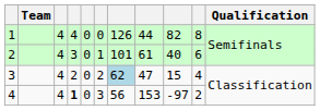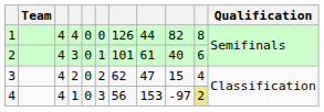 <table class="wikitable">
 <tr>
 <th></th>
 <th>Team</th>
 <th></th>
 <th></th>
 <th></th>
 <th></th>
 <th></th>
 <th></th>
 <th></th>
 <th></th>
 <th>Qualification</th>
 </tr>
 <tr bgcolor=ccffcc>
 <td>1</td>
 <td></td>
 <td>4</td>
 <td>4</td>
 <td>0</td>
 <td>0</td>
 <td>126</td>
 <td>44</td>
 <td>82</td>
 <td>8</td>
 <td rowspan=2>Semifinals</td>
 </tr>
 <tr bgcolor=ccffcc>
 <td>2</td>
 <td></td>
 <td>4</td>
 <td>3</td>
 <td>0</td>
 <td>1</td>
 <td>101</td>
 <td>61</td>
 <td>40</td>
 <td>6</td>
 </tr>
 <tr>
 <td>3</td>
 <td></td>
 <td>4</td>
 <td>2</td>
 <td>0</td>
 <td>2</td>
-<td style="background: lightblue;">62</td>
+<td>62</td>
 <td>47</td>
 <td>15</td>
 <td>4</td>
 <td rowspan=2>Classification</td>
 </tr>
 <tr>
 <td>4</td>
 <td></td>
 <td>4</td>
-<td><strong>1</strong></td>
+<td>1</td>
 <td>0</td>
 <td>3</td>
 <td>56</td>
 <td>153</td>
 <td>-97</td>
-<td>2</td>
+<td style="background: khaki;">2</td>
 </tr>
 </table>
